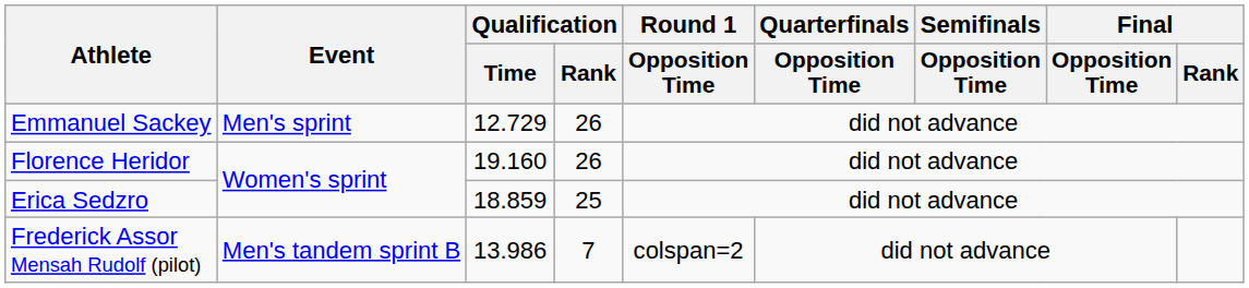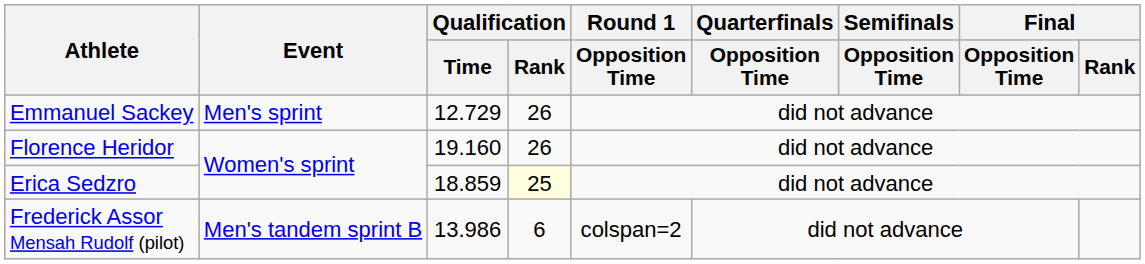 <table class="wikitable" style="font-size:90%;">
 <tr>
 <th rowspan=2>Athlete</th>
 <th rowspan=2>Event</th>
 <th colspan=2>Qualification</th>
 <th>Round 1</th>
 <th>Quarterfinals</th>
 <th>Semifinals</th>
 <th colspan=2>Final</th>
 </tr>
 <tr style="font-size:95%">
 <th>Time</th>
 <th>Rank</th>
 <th>Opposition<br>Time</th>
 <th>Opposition<br>Time</th>
 <th>Opposition<br>Time</th>
 <th>Opposition<br>Time</th>
 <th>Rank</th>
 </tr>
 <tr align=center>
 <td align=left><a href='#'>Emmanuel Sackey</a></td>
 <td align=left rowspan=1><a href='#'>Men's sprint</a></td>
 <td>12.729</td>
 <td>26</td>
 <td colspan=5>did not advance</td>
 </tr>
 <tr align=center>
 <td align=left><a href='#'>Florence Heridor</a></td>
 <td align=left rowspan=2><a href='#'>Women's sprint</a></td>
 <td>19.160</td>
 <td>26</td>
 <td colspan=5>did not advance</td>
 </tr>
 <tr align=center>
 <td align=left><a href='#'>Erica Sedzro</a></td>
 <td>18.859</td>
-<td>25</td>
+<td style="background: lightyellow;">25</td>
 <td colspan=5>did not advance</td>
 </tr>
 <tr align=center>
 <td align=left><a href='#'>Frederick Assor</a><br><small><a href='#'>Mensah Rudolf</a> (pilot)</small></td>
 <td align=left><a href='#'>Men's tandem sprint B</a></td>
 <td>13.986</td>
-<td>7</td>
+<td>6</td>
 <td>colspan=2 </td>
 <td colspan=3>did not advance</td>
 </tr>
 </table>
